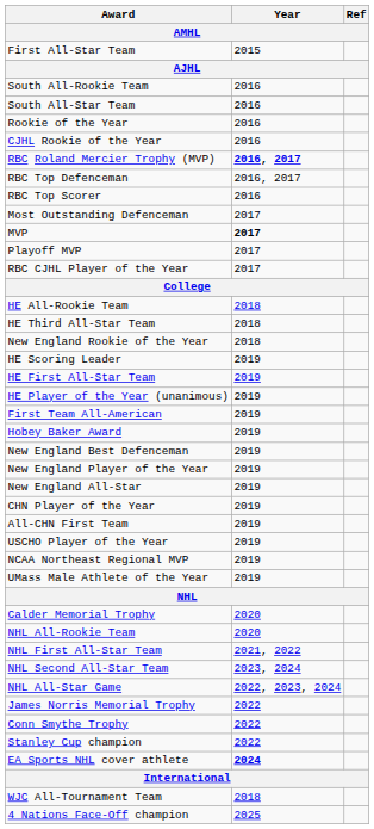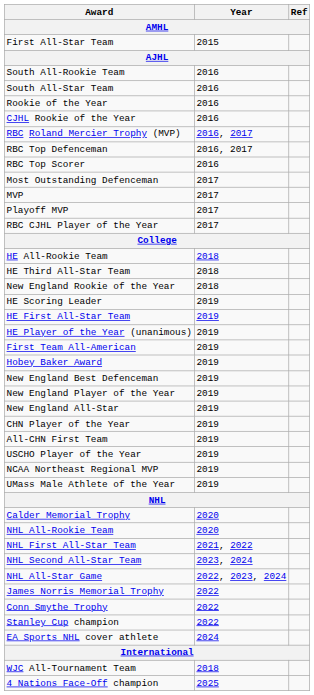 <table class="wikitable">
 <tr>
 <th>Award</th>
 <th>Year</th>
 <th>Ref</th>
 </tr>
 <tr>
 <th colspan="3"><a href='#'>AMHL</a></th>
 </tr>
 <tr>
 <td>First All-Star Team</td>
 <td>2015</td>
 <td></td>
 </tr>
 <tr>
 <th colspan="3"><a href='#'>AJHL</a></th>
 </tr>
 <tr>
 <td>South All-Rookie Team</td>
 <td>2016</td>
 <td></td>
 </tr>
 <tr>
 <td>South All-Star Team</td>
 <td>2016</td>
 <td></td>
 </tr>
 <tr>
 <td>Rookie of the Year</td>
 <td>2016</td>
 <td></td>
 </tr>
 <tr>
 <td><a href='#'>CJHL</a> Rookie of the Year</td>
 <td>2016</td>
 <td></td>
 </tr>
 <tr>
 <td><a href='#'>RBC</a> <a href='#'>Roland Mercier Trophy</a> (MVP)</td>
-<td><strong><a href='#'>2016</a>, <a href='#'>2017</a></strong></td>
+<td><a href='#'>2016</a>, <a href='#'>2017</a></td>
 <td></td>
 </tr>
 <tr>
 <td>RBC Top Defenceman</td>
 <td>2016, 2017</td>
 <td></td>
 </tr>
 <tr>
 <td>RBC Top Scorer</td>
 <td>2016</td>
 <td></td>
 </tr>
 <tr>
 <td>Most Outstanding Defenceman</td>
 <td>2017</td>
 <td></td>
 </tr>
 <tr>
 <td>MVP</td>
-<td><strong>2017</strong></td>
+<td>2017</td>
 <td></td>
 </tr>
 <tr>
 <td>Playoff MVP</td>
 <td>2017</td>
 <td></td>
 </tr>
 <tr>
 <td>RBC CJHL Player of the Year</td>
 <td>2017</td>
 <td></td>
 </tr>
 <tr>
 <th colspan="3"><a href='#'>College</a></th>
 </tr>
 <tr>
 <td><a href='#'>HE</a> All-Rookie Team</td>
 <td><a href='#'>2018</a></td>
 <td></td>
 </tr>
 <tr>
 <td>HE Third All-Star Team</td>
 <td>2018</td>
 <td></td>
 </tr>
 <tr>
 <td>New England Rookie of the Year</td>
 <td>2018</td>
 <td></td>
 </tr>
 <tr>
 <td>HE Scoring Leader</td>
 <td>2019</td>
 <td></td>
 </tr>
 <tr>
 <td><a href='#'>HE First All-Star Team</a></td>
 <td><a href='#'>2019</a></td>
 <td></td>
 </tr>
 <tr>
 <td><a href='#'>HE Player of the Year</a> (unanimous)</td>
 <td>2019</td>
 <td></td>
 </tr>
 <tr>
 <td><a href='#'>First Team All-American</a></td>
 <td>2019</td>
 <td></td>
 </tr>
 <tr>
 <td><a href='#'>Hobey Baker Award</a></td>
 <td>2019</td>
 <td></td>
 </tr>
 <tr>
 <td>New England Best Defenceman</td>
 <td>2019</td>
 <td></td>
 </tr>
 <tr>
 <td>New England Player of the Year</td>
 <td>2019</td>
 <td></td>
 </tr>
 <tr>
 <td>New England All-Star</td>
 <td>2019</td>
 <td></td>
 </tr>
 <tr>
 <td>CHN Player of the Year</td>
 <td>2019</td>
 <td></td>
 </tr>
 <tr>
 <td>All-CHN First Team</td>
 <td>2019</td>
 <td></td>
 </tr>
 <tr>
 <td>USCHO Player of the Year</td>
 <td>2019</td>
 <td></td>
 </tr>
 <tr>
 <td>NCAA Northeast Regional MVP</td>
 <td>2019</td>
 <td></td>
 </tr>
 <tr>
 <td>UMass Male Athlete of the Year</td>
 <td>2019</td>
 <td></td>
 </tr>
 <tr>
 <th colspan="3"><a href='#'>NHL</a></th>
 </tr>
 <tr>
 <td><a href='#'>Calder Memorial Trophy</a></td>
 <td><a href='#'>2020</a></td>
 <td></td>
 </tr>
 <tr>
 <td><a href='#'>NHL All-Rookie Team</a></td>
 <td><a href='#'>2020</a></td>
 <td></td>
 </tr>
 <tr>
 <td><a href='#'>NHL First All-Star Team</a></td>
 <td><a href='#'>2021</a>, <a href='#'>2022</a></td>
 <td></td>
 </tr>
 <tr>
 <td><a href='#'>NHL Second All-Star Team</a></td>
 <td><a href='#'>2023</a>, <a href='#'>2024</a></td>
 <td></td>
 </tr>
 <tr>
 <td><a href='#'>NHL All-Star Game</a></td>
 <td><a href='#'>2022</a>, <a href='#'>2023</a>, <a href='#'>2024</a></td>
 <td></td>
 </tr>
 <tr>
 <td><a href='#'>James Norris Memorial Trophy</a></td>
 <td><a href='#'>2022</a></td>
 <td></td>
 </tr>
 <tr>
 <td><a href='#'>Conn Smythe Trophy</a></td>
 <td><a href='#'>2022</a></td>
 <td></td>
 </tr>
 <tr>
 <td><a href='#'>Stanley Cup</a> champion</td>
 <td><a href='#'>2022</a></td>
 <td></td>
 </tr>
 <tr>
 <td><a href='#'>EA Sports NHL</a> cover athlete</td>
-<td><strong><a href='#'>2024</a></strong></td>
+<td><a href='#'>2024</a></td>
 <td></td>
 </tr>
 <tr>
 <th colspan="3"><a href='#'>International</a></th>
 </tr>
 <tr>
 <td><a href='#'>WJC</a> All-Tournament Team</td>
 <td><a href='#'>2018</a></td>
 <td></td>
 </tr>
 <tr>
 <td><a href='#'>4 Nations Face-Off</a> champion</td>
 <td><a href='#'>2025</a></td>
 <td></td>
 </tr>
 </table>
